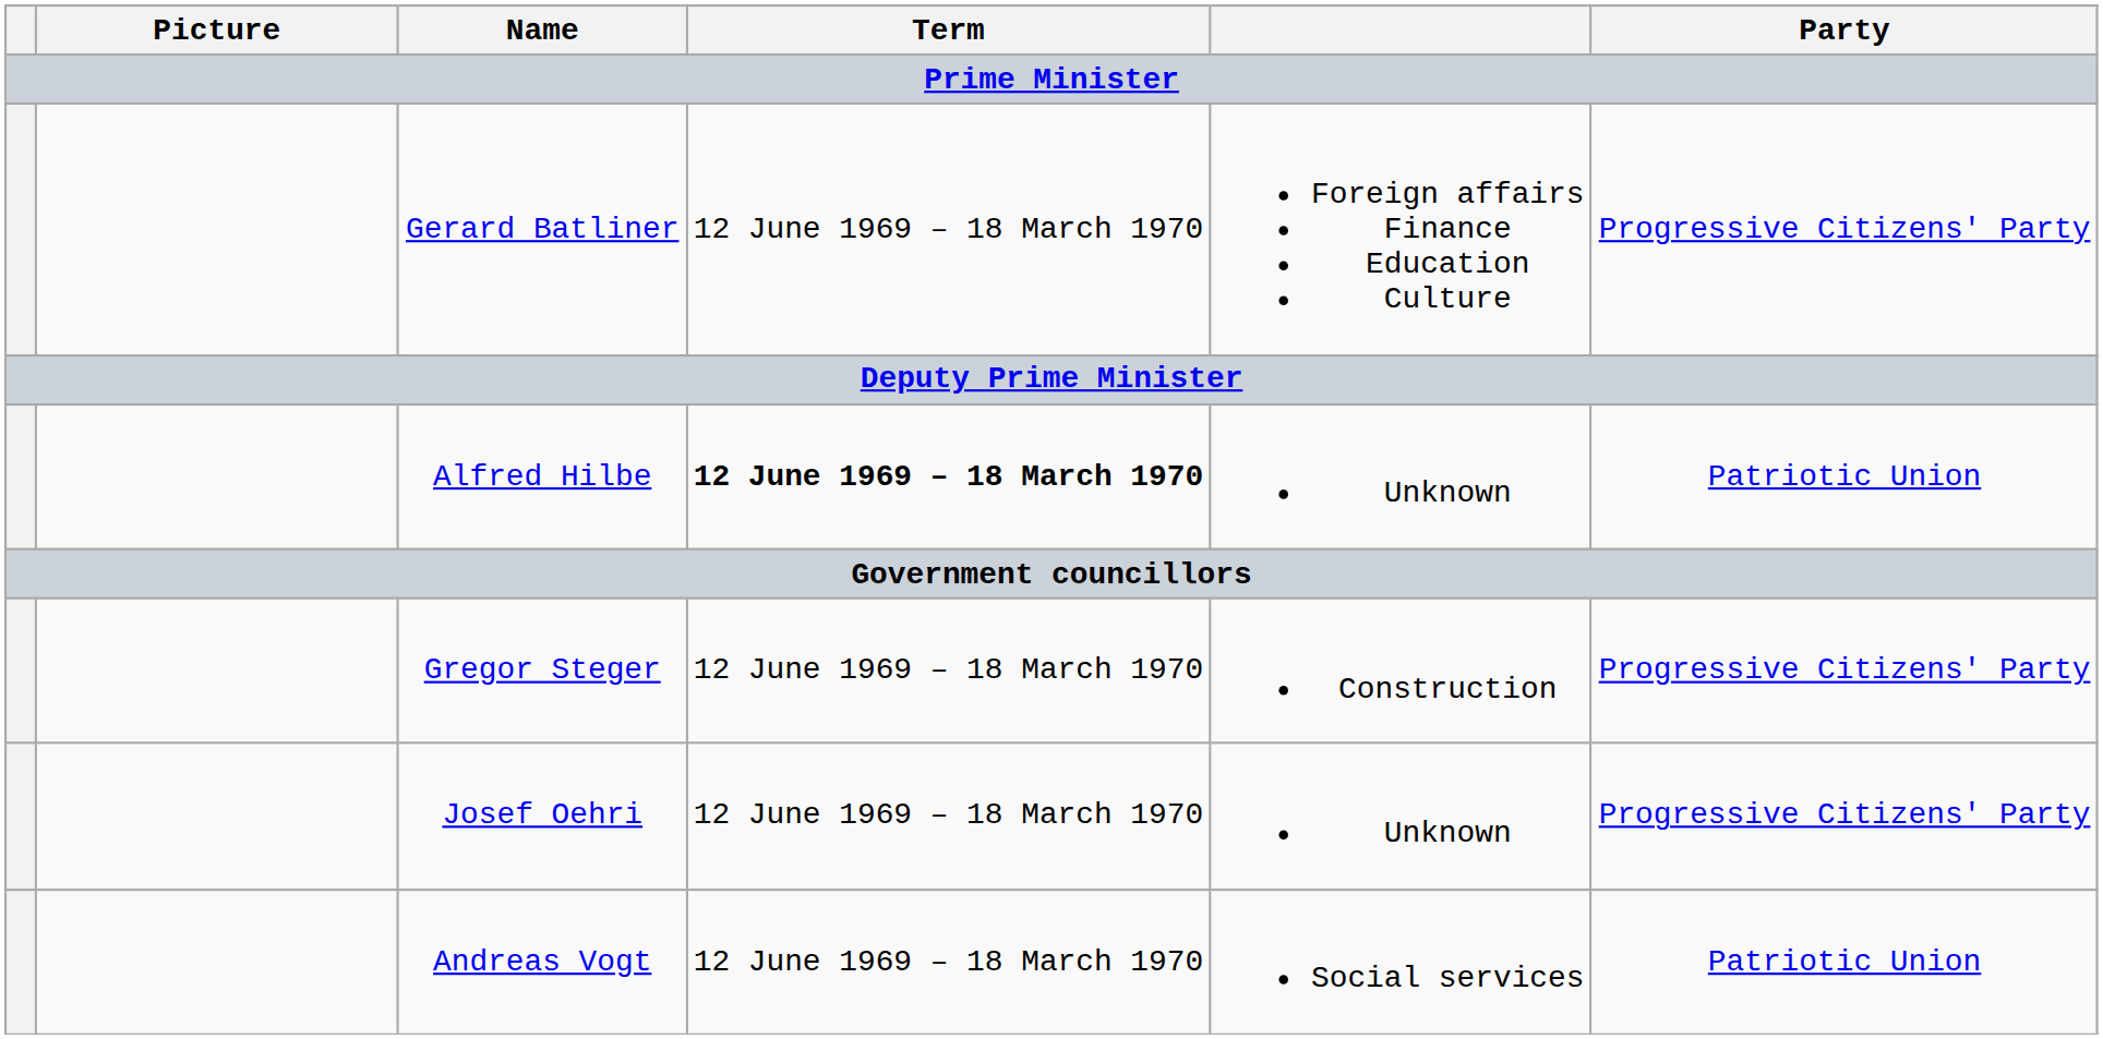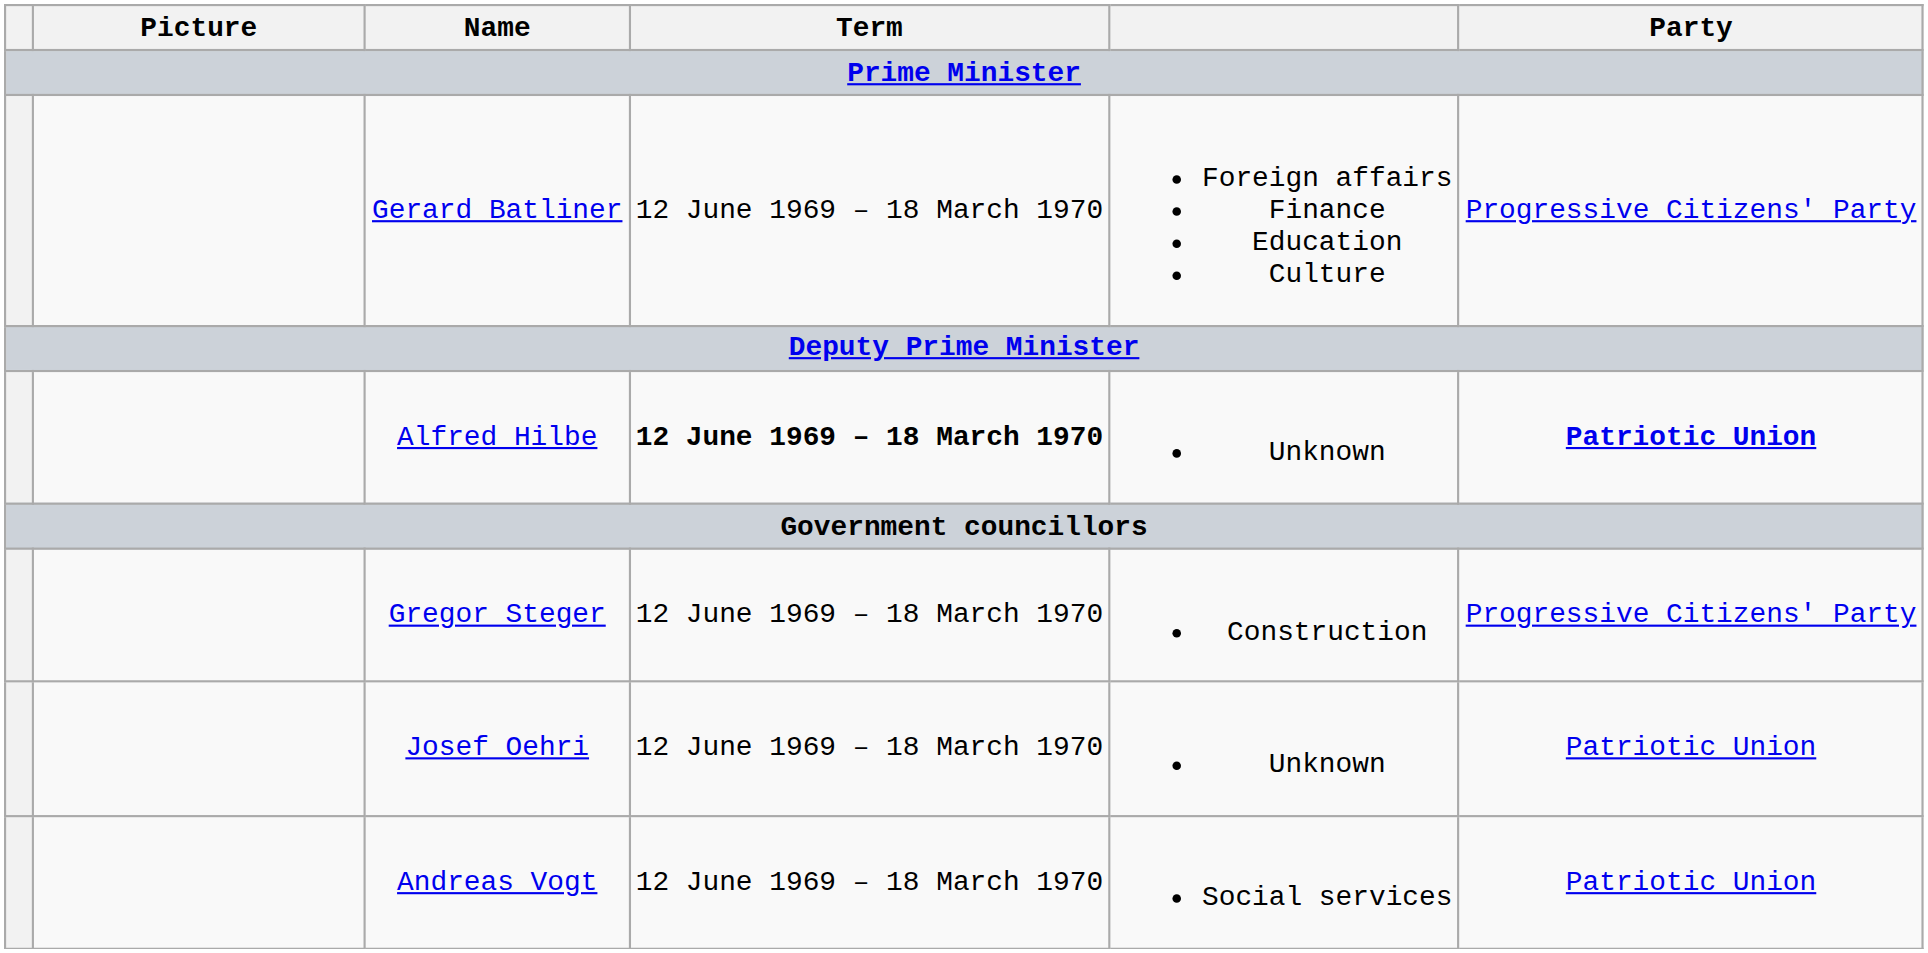 <table class="wikitable" style="text-align:center">
 <tr>
 <th style="width: 0.5em"></th>
 <th style="width: 11.5em"><strong>Picture</strong></th>
 <th><strong>Name</strong></th>
 <th><strong>Term</strong></th>
 <th></th>
 <th><strong>Party</strong></th>
 </tr>
 <tr>
 <th colspan="7" style="background:#CCD2D9"><a href='#'>Prime Minister</a></th>
 </tr>
 <tr>
 <th style="background:"></th>
 <td></td>
 <td><a href='#'>Gerard Batliner</a></td>
 <td style="text-align:left">12 June 1969 – 18 March 1970</td>
 <td><br><ul><li>Foreign affairs</li><li>Finance</li><li>Education</li><li>Culture</li></ul></td>
 <td><a href='#'>Progressive Citizens' Party</a></td>
 </tr>
 <tr>
 <th colspan="7" style="background:#CCD2D9"><a href='#'>Deputy Prime Minister</a></th>
 </tr>
 <tr>
 <th style="background:"></th>
 <td></td>
 <td><a href='#'>Alfred Hilbe</a></td>
 <td><strong>12 June 1969 – 18 March 1970</strong></td>
 <td><br><ul><li>Unknown</li></ul></td>
-<td><a href='#'>Patriotic Union</a></td>
+<td><strong><a href='#'>Patriotic Union</a></strong></td>
 </tr>
 <tr>
 <th colspan="7" style="background:#CCD2D9">Government councillors</th>
 </tr>
 <tr>
 <th style="background:"></th>
 <td></td>
 <td><a href='#'>Gregor Steger</a></td>
 <td style="text-align:left">12 June 1969 – 18 March 1970</td>
 <td><br><ul><li>Construction</li></ul></td>
 <td><a href='#'>Progressive Citizens' Party</a></td>
 </tr>
 <tr>
 <th style="background:"></th>
 <td></td>
 <td><a href='#'>Josef Oehri</a></td>
 <td>12 June 1969 – 18 March 1970</td>
 <td><br><ul><li>Unknown</li></ul></td>
-<td><a href='#'>Progressive Citizens' Party</a></td>
+<td><a href='#'>Patriotic Union</a></td>
 </tr>
 <tr>
 <th style="background:"></th>
 <td></td>
 <td><a href='#'>Andreas Vogt</a></td>
 <td style="text-align:left">12 June 1969 – 18 March 1970</td>
 <td><br><ul><li>Social services</li></ul></td>
 <td><a href='#'>Patriotic Union</a></td>
 </tr>
 </table>
